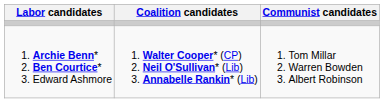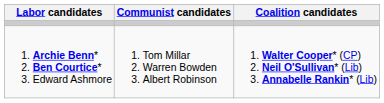 <table class="wikitable">
 <tr>
 <th><a href='#'>Labor</a> candidates</th>
+<th><a href='#'>Communist</a> candidates</th>
 <th><a href='#'>Coalition</a> candidates</th>
-<th><a href='#'>Communist</a> candidates</th>
 </tr>
 <tr bgcolor="#cccccc">
 <td></td>
 <td></td>
 <td></td>
 </tr>
 <tr>
 <td><br><ol><li><strong><a href='#'>Archie Benn</a></strong>*</li><li><strong><a href='#'>Ben Courtice</a></strong>*</li><li>Edward Ashmore</li></ol></td>
+<td valign=top><br><ol><li>Tom Millar</li><li>Warren Bowden</li><li>Albert Robinson</li></ol></td>
 <td><br><ol><li><strong><a href='#'>Walter Cooper</a></strong>* (<a href='#'>CP</a>)</li><li><strong><a href='#'>Neil O'Sullivan</a></strong>* (<a href='#'>Lib</a>)</li><li><strong><a href='#'>Annabelle Rankin</a></strong>* (<a href='#'>Lib</a>)</li></ol></td>
-<td valign=top><br><ol><li>Tom Millar</li><li>Warren Bowden</li><li>Albert Robinson</li></ol></td>
 </tr>
 </table>
